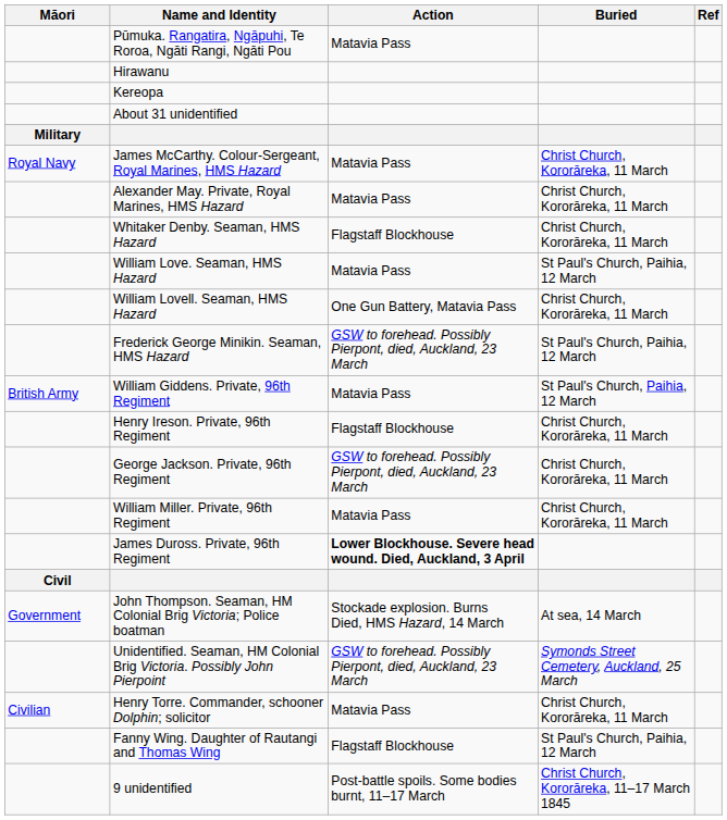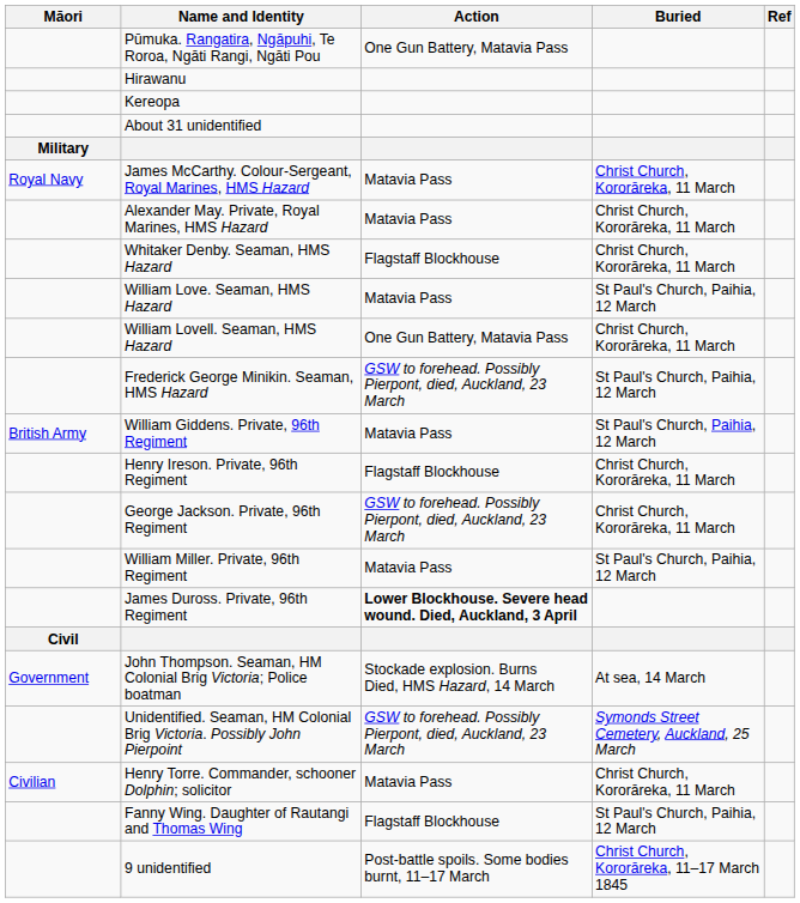 <table class="wikitable">
 <tr>
 <th>Māori</th>
 <th>Name and Identity</th>
 <th>Action</th>
 <th>Buried</th>
 <th>Ref</th>
 </tr>
 <tr>
 <td></td>
 <td>Pūmuka. <a href='#'>Rangatira</a>, <a href='#'>Ngāpuhi</a>, Te Roroa, Ngāti Rangi, Ngāti Pou</td>
-<td>Matavia Pass</td>
+<td>One Gun Battery, Matavia Pass</td>
 <td></td>
 <td></td>
 </tr>
 <tr>
 <td></td>
 <td>Hirawanu</td>
 <td></td>
 <td></td>
 <td></td>
 </tr>
 <tr>
 <td></td>
 <td>Kereopa</td>
 <td></td>
 <td></td>
 <td></td>
 </tr>
 <tr>
 <td></td>
 <td>About 31 unidentified</td>
 <td></td>
 <td></td>
 <td></td>
 </tr>
 <tr>
 <th>Military</th>
 <th></th>
 <th></th>
 <th></th>
 <th></th>
 </tr>
 <tr>
 <td><a href='#'>Royal Navy</a></td>
 <td>James McCarthy. Colour-Sergeant, <a href='#'>Royal Marines</a>, <a href='#'>HMS <em>Hazard</em></a></td>
 <td>Matavia Pass</td>
 <td><a href='#'>Christ Church</a>, <a href='#'>Kororāreka</a>, 11 March</td>
 <td></td>
 </tr>
 <tr>
 <td></td>
 <td>Alexander May. Private, Royal Marines, HMS <em>Hazard</em></td>
 <td>Matavia Pass</td>
 <td>Christ Church, Kororāreka, 11 March</td>
 <td></td>
 </tr>
 <tr>
 <td></td>
 <td>Whitaker Denby. Seaman, HMS <em>Hazard</em></td>
 <td>Flagstaff Blockhouse</td>
 <td>Christ Church, Kororāreka, 11 March</td>
 <td></td>
 </tr>
 <tr>
 <td></td>
 <td>William Love. Seaman, HMS <em>Hazard</em></td>
 <td>Matavia Pass</td>
 <td>St Paul's Church, Paihia, 12 March</td>
 <td></td>
 </tr>
 <tr>
 <td></td>
 <td>William Lovell. Seaman, HMS <em>Hazard</em></td>
 <td>One Gun Battery, Matavia Pass</td>
 <td>Christ Church, Kororāreka, 11 March</td>
 <td></td>
 </tr>
 <tr>
 <td></td>
 <td>Frederick George Minikin. Seaman, HMS <em>Hazard</em></td>
 <td><em><a href='#'>GSW</a> to forehead.</em> <em>Possibly Pierpont, died, Auckland, 23 March</em></td>
 <td>St Paul's Church, Paihia, 12 March</td>
 <td></td>
 </tr>
 <tr>
 <td><a href='#'>British Army</a></td>
 <td>William Giddens. Private, <a href='#'>96th Regiment</a></td>
 <td>Matavia Pass</td>
 <td>St Paul's Church, <a href='#'>Paihia</a>, 12 March</td>
 <td></td>
 </tr>
 <tr>
 <td></td>
 <td>Henry Ireson. Private, 96th Regiment</td>
 <td>Flagstaff Blockhouse</td>
 <td>Christ Church, Kororāreka, 11 March</td>
 <td></td>
 </tr>
 <tr>
 <td></td>
 <td>George Jackson. Private, 96th Regiment</td>
 <td><em><a href='#'>GSW</a> to forehead.</em> <em>Possibly Pierpont, died, Auckland, 23 March</em></td>
 <td>Christ Church, Kororāreka, 11 March</td>
 <td></td>
 </tr>
 <tr>
 <td></td>
 <td>William Miller. Private, 96th Regiment</td>
 <td>Matavia Pass</td>
-<td>Christ Church, Kororāreka, 11 March</td>
+<td>St Paul's Church, Paihia, 12 March</td>
 <td></td>
 </tr>
 <tr>
 <td></td>
 <td>James Duross. Private, 96th Regiment</td>
 <td><strong>Lower Blockhouse. Severe head wound. Died, Auckland, 3 April</strong></td>
 <td></td>
 <td></td>
 </tr>
 <tr>
 <th scope="col" style="width: 120px">Civil</th>
 <th></th>
 <th></th>
 <th></th>
 <th></th>
 </tr>
 <tr>
 <td><a href='#'>Government</a></td>
 <td>John Thompson. Seaman, HM Colonial Brig <em>Victoria</em>; Police boatman</td>
 <td>Stockade explosion. Burns<br>Died, HMS <em>Hazard</em>, 14 March</td>
 <td>At sea, 14 March</td>
 <td></td>
 </tr>
 <tr>
 <td></td>
 <td>Unidentified. Seaman, HM Colonial Brig <em>Victoria</em>. <em>Possibly John Pierpoint</em></td>
 <td><em><a href='#'>GSW</a> to forehead.</em> <em>Possibly Pierpont, died, Auckland, 23 March</em></td>
 <td><em><a href='#'>Symonds Street Cemetery</a>, <a href='#'>Auckland</a>, 25 March</em></td>
 <td></td>
 </tr>
 <tr>
 <td><a href='#'>Civilian</a></td>
 <td>Henry Torre. Commander, schooner <em>Dolphin</em>; solicitor</td>
 <td>Matavia Pass</td>
 <td>Christ Church, Kororāreka, 11 March</td>
 <td></td>
 </tr>
 <tr>
 <td></td>
 <td>Fanny Wing. Daughter of Rautangi and <a href='#'>Thomas Wing</a></td>
 <td>Flagstaff Blockhouse</td>
 <td>St Paul's Church, Paihia, 12 March</td>
 <td></td>
 </tr>
 <tr>
 <td></td>
 <td>9 unidentified</td>
 <td>Post-battle spoils. Some bodies burnt, 11–17 March</td>
 <td><a href='#'>Christ Church</a>, <a href='#'>Kororāreka</a>, 11–17 March 1845</td>
 <td></td>
 </tr>
 </table>
